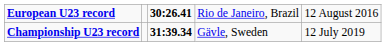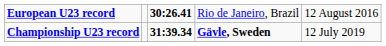 <table class="wikitable">
 <tr>
 <td><strong><a href='#'>European U23 record</a></strong></td>
 <td></td>
 <td><strong>30:26.41</strong></td>
 <td><a href='#'>Rio de Janeiro</a>, Brazil</td>
 <td>12 August 2016</td>
 </tr>
 <tr>
 <td><strong><a href='#'>Championship U23 record</a></strong></td>
 <td></td>
 <td><strong>31:39.34</strong></td>
-<td><a href='#'>Gävle</a>, Sweden</td>
+<td><strong><a href='#'>Gävle</a>, Sweden</strong></td>
 <td>12 July 2019</td>
 </tr>
 </table>
